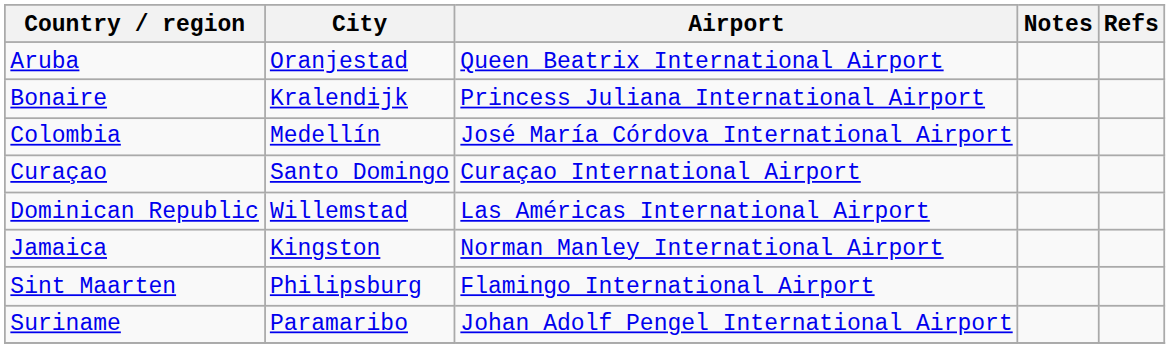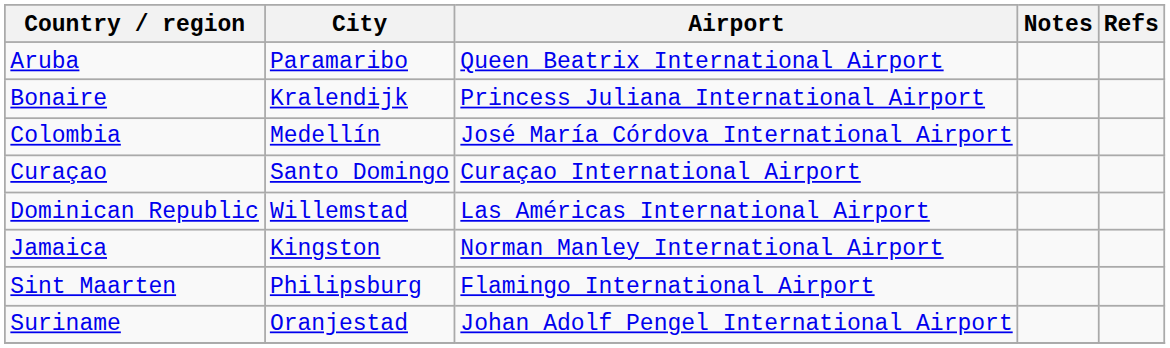 <table class="sortable wikitable">
 <tr>
 <th>Country / region</th>
 <th>City</th>
 <th>Airport</th>
 <th>Notes</th>
 <th class="unsortable">Refs</th>
 </tr>
 <tr>
 <td><a href='#'>Aruba</a></td>
-<td><a href='#'>Oranjestad</a></td>
+<td><a href='#'>Paramaribo</a></td>
 <td><a href='#'>Queen Beatrix International Airport</a></td>
 <td align=center></td>
 <td></td>
 </tr>
 <tr>
 <td><a href='#'>Bonaire</a></td>
 <td><a href='#'>Kralendijk</a></td>
 <td><a href='#'>Princess Juliana International Airport</a></td>
 <td align=center></td>
 <td></td>
 </tr>
 <tr>
 <td><a href='#'>Colombia</a></td>
 <td><a href='#'>Medellín</a></td>
 <td><a href='#'>José María Córdova International Airport</a></td>
 <td align=center></td>
 <td></td>
 </tr>
 <tr>
 <td><a href='#'>Curaçao</a></td>
 <td><a href='#'>Santo Domingo</a></td>
 <td><a href='#'>Curaçao International Airport</a></td>
 <td></td>
 <td></td>
 </tr>
 <tr>
 <td><a href='#'>Dominican Republic</a></td>
 <td><a href='#'>Willemstad</a></td>
 <td><a href='#'>Las Américas International Airport</a></td>
 <td></td>
 <td></td>
 </tr>
 <tr>
 <td><a href='#'>Jamaica</a></td>
 <td><a href='#'>Kingston</a></td>
 <td><a href='#'>Norman Manley International Airport</a></td>
 <td align=center></td>
 <td></td>
 </tr>
 <tr>
 <td><a href='#'>Sint Maarten</a></td>
 <td><a href='#'>Philipsburg</a></td>
 <td><a href='#'>Flamingo International Airport</a></td>
 <td align=center></td>
 <td></td>
 </tr>
 <tr>
 <td><a href='#'>Suriname</a></td>
-<td><a href='#'>Paramaribo</a></td>
+<td><a href='#'>Oranjestad</a></td>
 <td><a href='#'>Johan Adolf Pengel International Airport</a></td>
 <td align=center></td>
 <td></td>
 </tr>
 <tr>
 </tr>
 </table>
